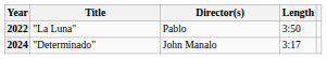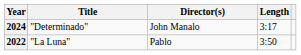 <table class="wikitable sortable plainrowheaders">
 <tr>
 <th>Year</th>
 <th style="width:12em;">Title</th>
 <th style="width:11em;">Director(s)</th>
 <th>Length</th>
 <th scope="col" class="unsortable"></th>
 </tr>
 <tr>
+<th scope="row">2024</th>
+<td>"Determinado"</td>
+<td>John Manalo</td>
+<td>3:17</td>
+<td align="center"></td>
+</tr>
+<tr>
 <th scope="row">2022</th>
 <td>"La Luna"</td>
 <td>Pablo</td>
 <td>3:50</td>
 <td align="center"></td>
 </tr>
-<tr>
-<th scope="row">2024</th>
-<td>"Determinado"</td>
-<td>John Manalo</td>
-<td>3:17</td>
-<td align="center"></td>
-</tr>
 </table>
